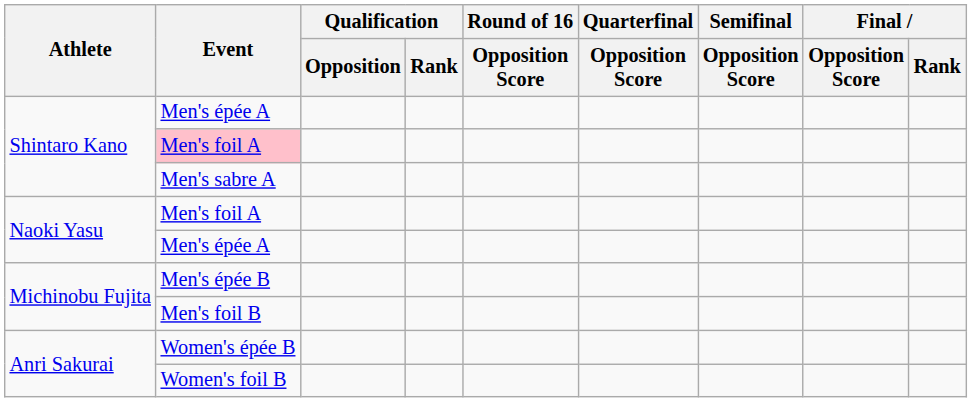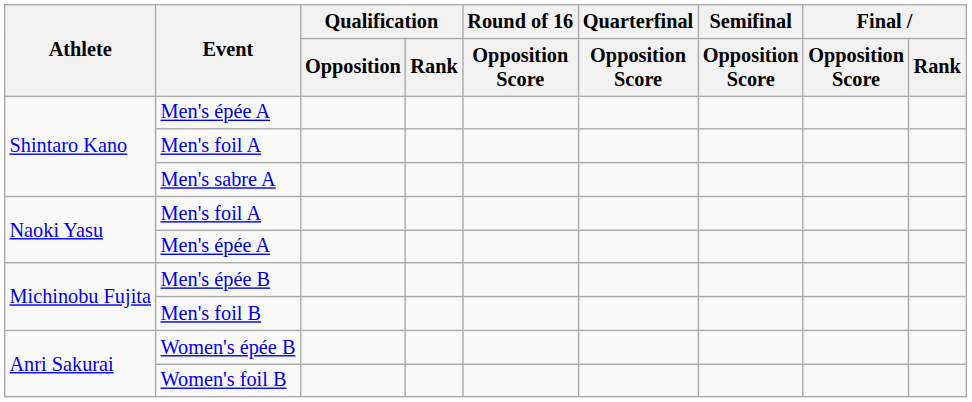 <table class=wikitable style="font-size:90%">
 <tr>
 <th rowspan="2">Athlete</th>
 <th rowspan="2">Event</th>
 <th colspan="2">Qualification</th>
 <th>Round of 16</th>
 <th>Quarterfinal</th>
 <th>Semifinal</th>
 <th colspan="2">Final / </th>
 </tr>
 <tr>
 <th>Opposition</th>
 <th>Rank</th>
 <th>Opposition<br>Score</th>
 <th>Opposition<br>Score</th>
 <th>Opposition<br>Score</th>
 <th>Opposition<br>Score</th>
 <th>Rank</th>
 </tr>
 <tr align=center>
 <td align=left rowspan=3><a href='#'>Shintaro Kano</a></td>
 <td align=left><a href='#'>Men's épée A</a></td>
 <td></td>
 <td></td>
 <td></td>
 <td></td>
 <td></td>
 <td></td>
 <td></td>
 </tr>
 <tr align=center>
-<td align=left style="background: pink;"><a href='#'>Men's foil A</a></td>
+<td align=left><a href='#'>Men's foil A</a></td>
 <td></td>
 <td></td>
 <td></td>
 <td></td>
 <td></td>
 <td></td>
 <td></td>
 </tr>
 <tr align=center>
 <td align=left><a href='#'>Men's sabre A</a></td>
 <td></td>
 <td></td>
 <td></td>
 <td></td>
 <td></td>
 <td></td>
 <td></td>
 </tr>
 <tr align=center>
 <td align=left rowspan=2><a href='#'>Naoki Yasu</a></td>
 <td align=left><a href='#'>Men's foil A</a></td>
 <td></td>
 <td></td>
 <td></td>
 <td></td>
 <td></td>
 <td></td>
 <td></td>
 </tr>
 <tr align=center>
 <td align=left><a href='#'>Men's épée A</a></td>
 <td></td>
 <td></td>
 <td></td>
 <td></td>
 <td></td>
 <td></td>
 <td></td>
 </tr>
 <tr align=center>
 <td align=left rowspan=2><a href='#'>Michinobu Fujita</a></td>
 <td align=left><a href='#'>Men's épée B</a></td>
 <td></td>
 <td></td>
 <td></td>
 <td></td>
 <td></td>
 <td></td>
 <td></td>
 </tr>
 <tr align=center>
 <td align=left><a href='#'>Men's foil B</a></td>
 <td></td>
 <td></td>
 <td></td>
 <td></td>
 <td></td>
 <td></td>
 <td></td>
 </tr>
 <tr align=center>
 <td align=left rowspan=2><a href='#'>Anri Sakurai</a></td>
 <td align=left><a href='#'>Women's épée B</a></td>
 <td></td>
 <td></td>
 <td></td>
 <td></td>
 <td></td>
 <td></td>
 <td></td>
 </tr>
 <tr align=center>
 <td align=left><a href='#'>Women's foil B</a></td>
 <td></td>
 <td></td>
 <td></td>
 <td></td>
 <td></td>
 <td></td>
 <td></td>
 </tr>
 </table>
